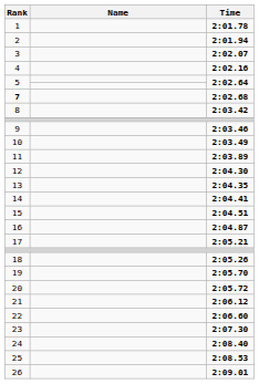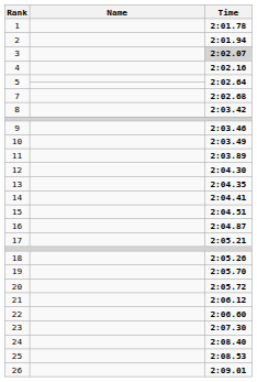 <table class="wikitable">
 <tr>
 <th>Rank</th>
 <th align="center" style="width: 20em">Name</th>
 <th align="center" style="width: 5em">Time</th>
 </tr>
 <tr>
 <td align="center">1</td>
 <td></td>
 <td align="center"><strong>2:01.78</strong></td>
 </tr>
 <tr>
 <td align="center">2</td>
 <td></td>
 <td align="center"><strong>2:01.94</strong></td>
 </tr>
 <tr>
 <td align="center">3</td>
 <td></td>
-<td align="center"><strong>2:02.07</strong></td>
+<td align="center" style="background: lightgrey;"><strong>2:02.07</strong></td>
 </tr>
 <tr>
 <td align="center">4</td>
 <td></td>
 <td align="center"><strong>2:02.16</strong></td>
 </tr>
 <tr>
 <td rowspan=2 align="center">5</td>
 <td></td>
 <td rowspan=2 align="center"><strong>2:02.64</strong></td>
 </tr>
 <tr>
 <td></td>
 </tr>
 <tr>
-<td align="center"><strong>7</strong></td>
+<td align="center">7</td>
 <td></td>
 <td align="center"><strong>2:02.68</strong></td>
 </tr>
 <tr>
 <td align="center">8</td>
 <td></td>
 <td align="center"><strong>2:03.42</strong></td>
 </tr>
 <tr>
 <td colspan=3 bgcolor=lightgray></td>
 </tr>
 <tr>
 <td align="center">9</td>
 <td></td>
 <td align="center"><strong>2:03.46</strong></td>
 </tr>
 <tr>
 <td align="center">10</td>
 <td></td>
 <td align="center"><strong>2:03.49</strong></td>
 </tr>
 <tr>
 <td align="center">11</td>
 <td></td>
 <td align="center"><strong>2:03.89</strong></td>
 </tr>
 <tr>
 <td align="center">12</td>
 <td></td>
 <td align="center"><strong>2:04.30</strong></td>
 </tr>
 <tr>
 <td align="center">13</td>
 <td></td>
 <td align="center"><strong>2:04.35</strong></td>
 </tr>
 <tr>
 <td align="center">14</td>
 <td></td>
 <td align="center"><strong>2:04.41</strong></td>
 </tr>
 <tr>
 <td align="center">15</td>
 <td></td>
 <td align="center"><strong>2:04.51</strong></td>
 </tr>
 <tr>
 <td align="center">16</td>
 <td></td>
 <td align="center"><strong>2:04.87</strong></td>
 </tr>
 <tr>
 <td align="center">17</td>
 <td></td>
 <td align="center"><strong>2:05.21</strong></td>
 </tr>
 <tr>
 <td colspan=3 bgcolor=lightgray></td>
 </tr>
 <tr>
 <td align="center">18</td>
 <td></td>
 <td align="center"><strong>2:05.26</strong></td>
 </tr>
 <tr>
 <td align="center">19</td>
 <td></td>
 <td align="center"><strong>2:05.70</strong></td>
 </tr>
 <tr>
 <td align="center">20</td>
 <td></td>
 <td align="center"><strong>2:05.72</strong></td>
 </tr>
 <tr>
 <td align="center">21</td>
 <td></td>
 <td align="center"><strong>2:06.12</strong></td>
 </tr>
 <tr>
 <td align="center">22</td>
 <td></td>
 <td align="center"><strong>2:06.60</strong></td>
 </tr>
 <tr>
 <td align="center">23</td>
 <td></td>
 <td align="center"><strong>2:07.30</strong></td>
 </tr>
 <tr>
 <td align="center">24</td>
 <td></td>
 <td align="center"><strong>2:08.40</strong></td>
 </tr>
 <tr>
 <td align="center">25</td>
 <td></td>
 <td align="center"><strong>2:08.53</strong></td>
 </tr>
 <tr>
 <td align="center">26</td>
 <td></td>
 <td align="center"><strong>2:09.01</strong></td>
 </tr>
 </table>
